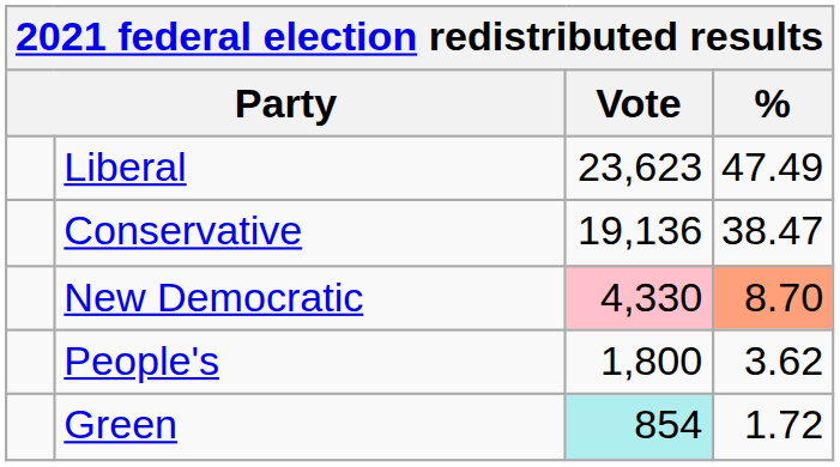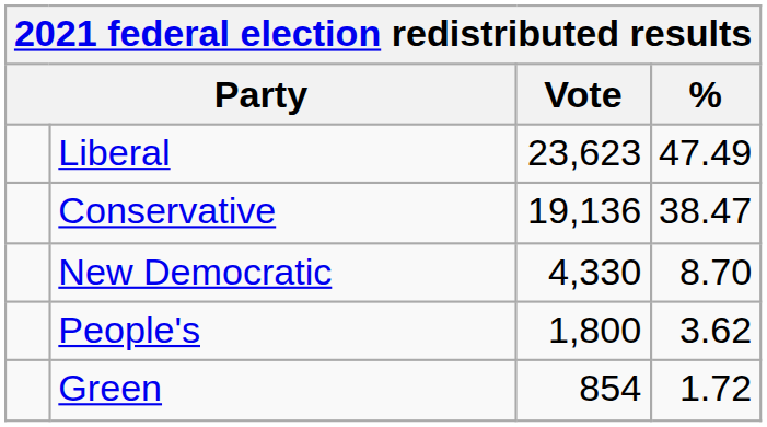 <table class="wikitable">
 <tr>
 <th colspan="4"><a href='#'>2021 federal election</a> redistributed results</th>
 </tr>
 <tr>
 <th bgcolor="#DDDDFF" width="130px" colspan="2">Party</th>
 <th bgcolor="#DDDDFF" width="50px">Vote</th>
 <th bgcolor="#DDDDFF" width="30px">%</th>
 </tr>
 <tr>
 <td> </td>
 <td><a href='#'>Liberal</a></td>
 <td align=right>23,623</td>
 <td align=right>47.49</td>
 </tr>
 <tr>
 <td> </td>
 <td><a href='#'>Conservative</a></td>
 <td align=right>19,136</td>
 <td align=right>38.47</td>
 </tr>
 <tr>
 <td> </td>
 <td><a href='#'>New Democratic</a></td>
-<td align=right style="background: pink;">4,330</td>
-<td align=right style="background: lightsalmon;">8.70</td>
+<td align=right>4,330</td>
+<td align=right>8.70</td>
 </tr>
 <tr>
 <td> </td>
 <td><a href='#'>People's</a></td>
 <td align=right>1,800</td>
 <td align=right>3.62</td>
 </tr>
 <tr>
 <td> </td>
 <td><a href='#'>Green</a></td>
-<td align=right style="background: paleturquoise;">854</td>
+<td align=right>854</td>
 <td align=right>1.72</td>
 </tr>
 </table>
